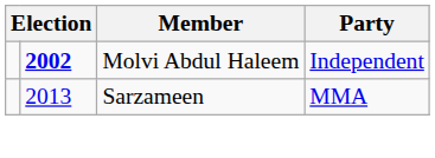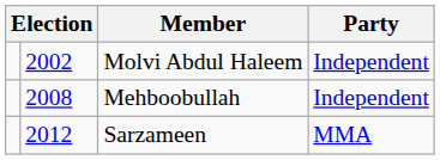 <table class="wikitable">
 <tr>
 <th colspan="2">Election</th>
 <th>Member</th>
 <th>Party</th>
 </tr>
 <tr>
 <td style="background-color: "></td>
-<td><strong><a href='#'>2002</a></strong></td>
+<td><a href='#'>2002</a></td>
 <td>Molvi Abdul Haleem</td>
 <td><a href='#'>Independent</a></td>
 </tr>
 <tr>
 <td style="background-color: "></td>
-<td><a href='#'>2013</a></td>
+<td><a href='#'>2008</a></td>
+<td>Mehboobullah</td>
+<td><a href='#'>Independent</a></td>
+</tr>
+<tr>
+<td style="background-color: "></td>
+<td><a href='#'>2012</a></td>
 <td>Sarzameen</td>
 <td><a href='#'>MMA</a></td>
 </tr>
 </table>
